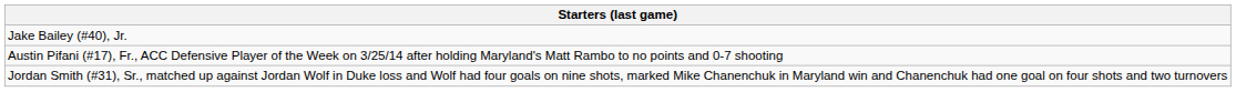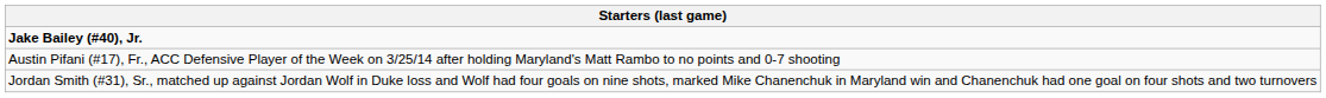 <table class="wikitable">
 <tr>
 <th>Starters (last game)</th>
 </tr>
 <tr>
-<td>Jake Bailey (#40), Jr.</td>
+<td><strong>Jake Bailey (#40), Jr.</strong></td>
 </tr>
 <tr>
 <td>Austin Pifani (#17), Fr., ACC Defensive Player of the Week on 3/25/14 after holding Maryland's Matt Rambo to no points and 0-7 shooting</td>
 </tr>
 <tr>
 <td>Jordan Smith (#31), Sr., matched up against Jordan Wolf in Duke loss and Wolf had four goals on nine shots, marked Mike Chanenchuk in Maryland win and Chanenchuk had one goal on four shots and two turnovers</td>
 </tr>
 </table>
